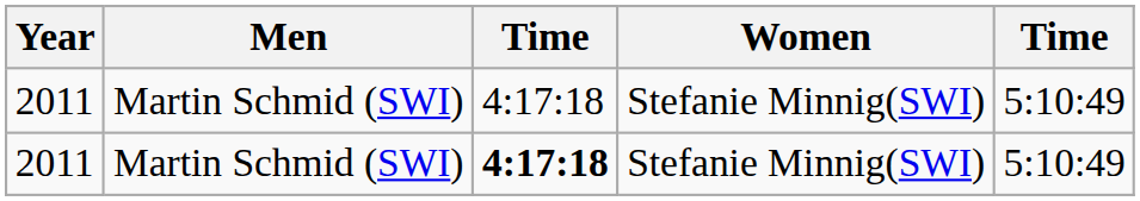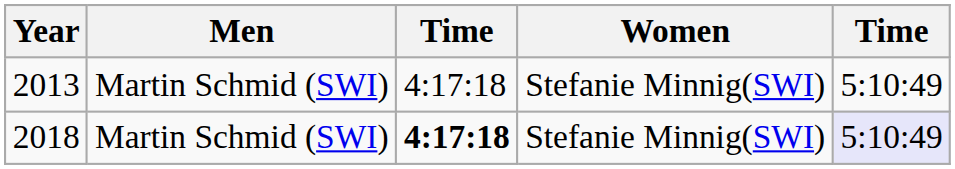 <table class="wikitable sortable">
 <tr>
 <th>Year</th>
 <th>Men</th>
 <th>Time</th>
 <th>Women</th>
 <th>Time</th>
 </tr>
 <tr>
-<td>2011</td>
+<td>2013</td>
 <td>Martin Schmid (<a href='#'>SWI</a>)</td>
 <td>4:17:18</td>
 <td>Stefanie Minnig(<a href='#'>SWI</a>)</td>
 <td>5:10:49</td>
 </tr>
 <tr>
-<td>2011</td>
+<td>2018</td>
 <td>Martin Schmid (<a href='#'>SWI</a>)</td>
 <td><strong>4:17:18</strong></td>
 <td>Stefanie Minnig(<a href='#'>SWI</a>)</td>
-<td>5:10:49</td>
+<td style="background: lavender;">5:10:49</td>
 </tr>
 </table>
